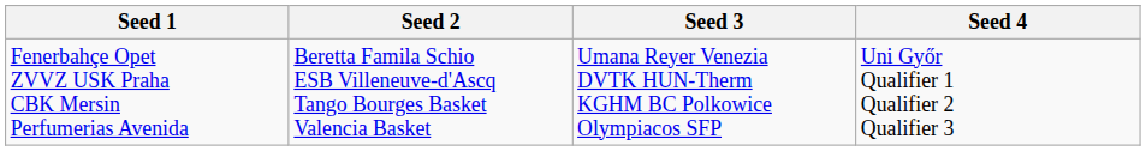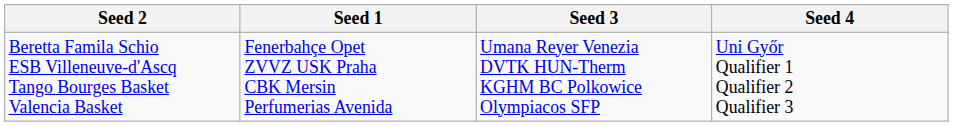 <table class="wikitable">
 <tr>
+<th width=205>Seed 2</th>
 <th width=205>Seed 1</th>
-<th width=205>Seed 2</th>
 <th width=205>Seed 3</th>
 <th width=205>Seed 4</th>
 </tr>
 <tr>
+<td> <a href='#'>Beretta Famila Schio</a> <br>  <a href='#'>ESB Villeneuve-d'Ascq</a> <br>  <a href='#'>Tango Bourges Basket</a> <br>  <a href='#'>Valencia Basket</a></td>
 <td> <a href='#'>Fenerbahçe Opet</a> <br>  <a href='#'>ZVVZ USK Praha</a> <br>  <a href='#'>CBK Mersin</a> <br>  <a href='#'>Perfumerias Avenida</a></td>
-<td> <a href='#'>Beretta Famila Schio</a> <br>  <a href='#'>ESB Villeneuve-d'Ascq</a> <br>  <a href='#'>Tango Bourges Basket</a> <br>  <a href='#'>Valencia Basket</a></td>
 <td> <a href='#'>Umana Reyer Venezia</a> <br>  <a href='#'>DVTK HUN-Therm</a> <br>  <a href='#'>KGHM BC Polkowice</a> <br>  <a href='#'>Olympiacos SFP</a></td>
 <td> <a href='#'>Uni Győr</a> <br>  Qualifier 1 <br>  Qualifier 2 <br>  Qualifier 3</td>
 </tr>
 </table>
